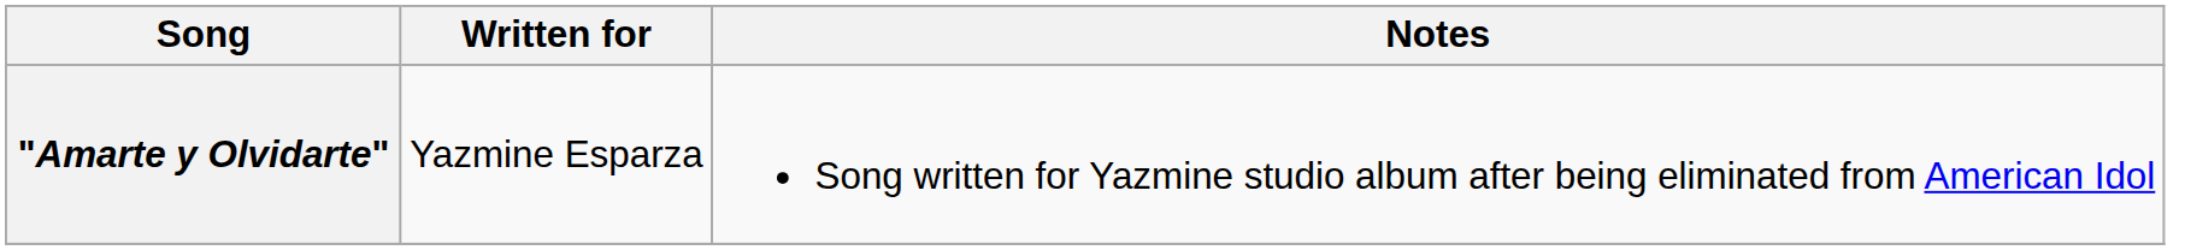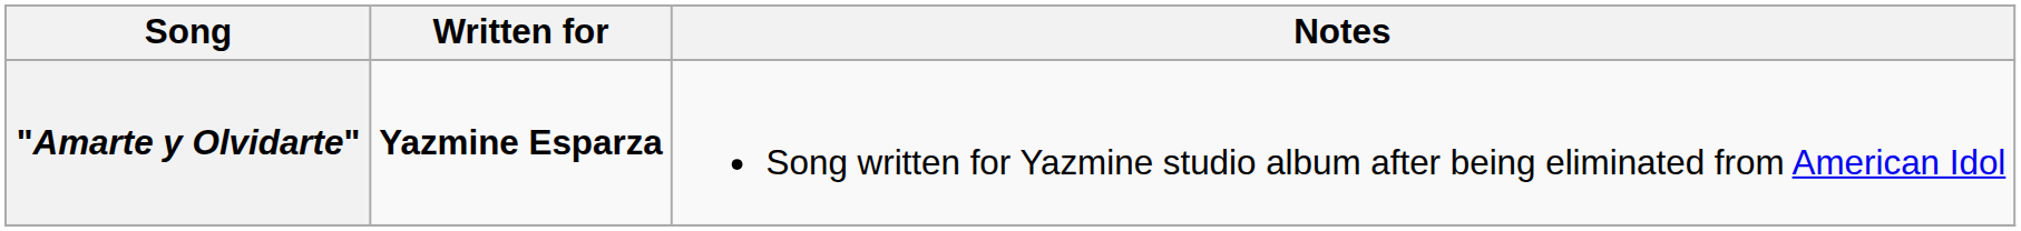 <table class="wikitable plainrowheaders" style="text-align:center;" border="1">
 <tr>
 <th scope="colw" style="width:10em;">Song</th>
 <th scope="col">Written for</th>
 <th scope="col">Notes</th>
 </tr>
 <tr>
 <th scope="row">"<em>Amarte y Olvidarte</em>"</th>
-<td>Yazmine Esparza</td>
+<td><strong>Yazmine Esparza</strong></td>
 <td><br><ul><li>Song written for Yazmine studio album after being eliminated from <a href='#'>American Idol</a></li></ul></td>
 </tr>
 <tr>
 </tr>
 </table>
